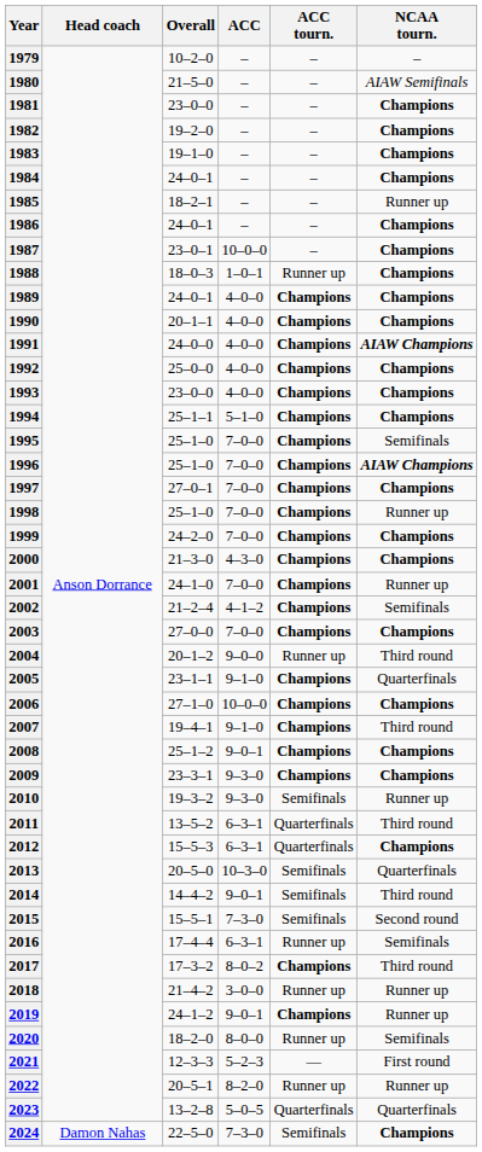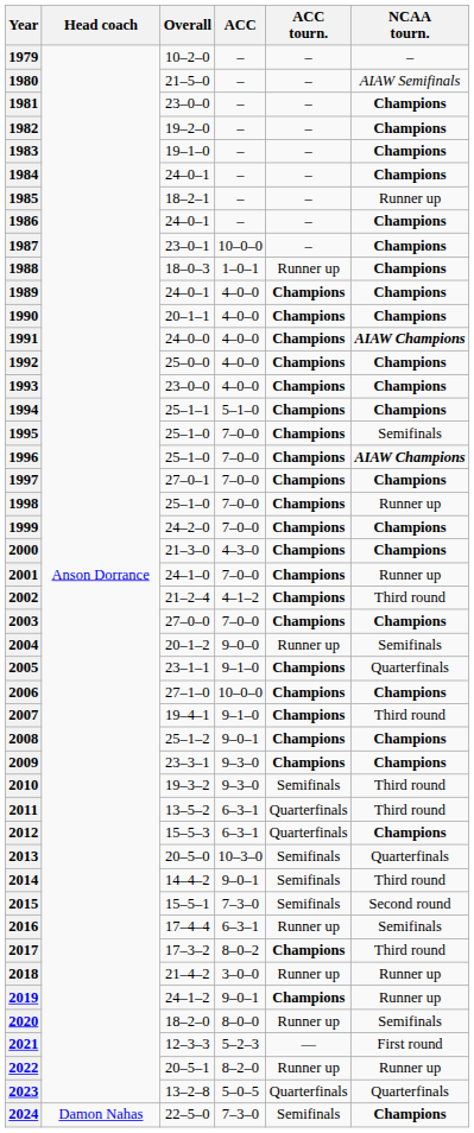 <table class="wikitable" style="text-align: center;">
 <tr>
 <th width=px>Year</th>
 <th width=px>Head coach</th>
 <th width=px>Overall</th>
 <th width=px>ACC</th>
 <th width=px>ACC<br>tourn.</th>
 <th width=px>NCAA<br>tourn.</th>
 </tr>
 <tr>
 <th>1979</th>
 <td rowspan="45">  <a href='#'>Anson Dorrance</a>  </td>
 <td>10–2–0</td>
 <td>–</td>
 <td>–</td>
 <td>–</td>
 </tr>
 <tr>
 <th>1980</th>
 <td>21–5–0</td>
 <td>–</td>
 <td>–</td>
 <td><em>AIAW Semifinals</em></td>
 </tr>
 <tr>
 <th>1981</th>
 <td>23–0–0</td>
 <td>–</td>
 <td>–</td>
 <td><strong>Champions</strong></td>
 </tr>
 <tr>
 <th>1982</th>
 <td>19–2–0</td>
 <td>–</td>
 <td>–</td>
 <td><strong>Champions</strong></td>
 </tr>
 <tr>
 <th>1983</th>
 <td>19–1–0</td>
 <td>–</td>
 <td>–</td>
 <td><strong>Champions</strong></td>
 </tr>
 <tr>
 <th>1984</th>
 <td>24–0–1</td>
 <td>–</td>
 <td>–</td>
 <td><strong>Champions</strong></td>
 </tr>
 <tr>
 <th>1985</th>
 <td>18–2–1</td>
 <td>–</td>
 <td>–</td>
 <td>Runner up</td>
 </tr>
 <tr>
 <th>1986</th>
 <td>24–0–1</td>
 <td>–</td>
 <td>–</td>
 <td><strong>Champions</strong></td>
 </tr>
 <tr>
 <th>1987</th>
 <td>23–0–1</td>
 <td>10–0–0</td>
 <td>–</td>
 <td><strong>Champions</strong></td>
 </tr>
 <tr>
 <th>1988</th>
 <td>18–0–3</td>
 <td>1–0–1</td>
 <td>Runner up</td>
 <td><strong>Champions</strong></td>
 </tr>
 <tr>
 <th>1989</th>
 <td>24–0–1</td>
 <td>4–0–0</td>
 <td><strong>Champions</strong></td>
 <td><strong>Champions</strong></td>
 </tr>
 <tr>
 <th>1990</th>
 <td>20–1–1</td>
 <td>4–0–0</td>
 <td><strong>Champions</strong></td>
 <td><strong>Champions</strong></td>
 </tr>
 <tr>
 <th>1991</th>
 <td>24–0–0</td>
 <td>4–0–0</td>
 <td><strong>Champions</strong></td>
 <td><strong><em>AIAW Champions</em></strong></td>
 </tr>
 <tr>
 <th>1992</th>
 <td>25–0–0</td>
 <td>4–0–0</td>
 <td><strong>Champions</strong></td>
 <td><strong>Champions</strong></td>
 </tr>
 <tr>
 <th>1993</th>
 <td>23–0–0</td>
 <td>4–0–0</td>
 <td><strong>Champions</strong></td>
 <td><strong>Champions</strong></td>
 </tr>
 <tr>
 <th>1994</th>
 <td>25–1–1</td>
 <td>5–1–0</td>
 <td><strong>Champions</strong></td>
 <td><strong>Champions</strong></td>
 </tr>
 <tr>
 <th>1995</th>
 <td>25–1–0</td>
 <td>7–0–0</td>
 <td><strong>Champions</strong></td>
 <td>Semifinals</td>
 </tr>
 <tr>
 <th>1996</th>
 <td>25–1–0</td>
 <td>7–0–0</td>
 <td><strong>Champions</strong></td>
 <td><strong><em>AIAW Champions</em></strong></td>
 </tr>
 <tr>
 <th>1997</th>
 <td>27–0–1</td>
 <td>7–0–0</td>
 <td><strong>Champions</strong></td>
 <td><strong>Champions</strong></td>
 </tr>
 <tr>
 <th>1998</th>
 <td>25–1–0</td>
 <td>7–0–0</td>
 <td><strong>Champions</strong></td>
 <td>Runner up</td>
 </tr>
 <tr>
 <th>1999</th>
 <td>24–2–0</td>
 <td>7–0–0</td>
 <td><strong>Champions</strong></td>
 <td><strong>Champions</strong></td>
 </tr>
 <tr>
 <th>2000</th>
 <td>21–3–0</td>
 <td>4–3–0</td>
 <td><strong>Champions</strong></td>
 <td><strong>Champions</strong></td>
 </tr>
 <tr>
 <th>2001</th>
 <td>24–1–0</td>
 <td>7–0–0</td>
 <td><strong>Champions</strong></td>
 <td>Runner up</td>
 </tr>
 <tr>
 <th>2002</th>
 <td>21–2–4</td>
 <td>4–1–2</td>
 <td><strong>Champions</strong></td>
-<td>Semifinals</td>
+<td>Third round</td>
 </tr>
 <tr>
 <th>2003</th>
 <td>27–0–0</td>
 <td>7–0–0</td>
 <td><strong>Champions</strong></td>
 <td><strong>Champions</strong></td>
 </tr>
 <tr>
 <th>2004</th>
 <td>20–1–2</td>
 <td>9–0–0</td>
 <td>Runner up</td>
-<td>Third round</td>
+<td>Semifinals</td>
 </tr>
 <tr>
 <th>2005</th>
 <td>23–1–1</td>
 <td>9–1–0</td>
 <td><strong>Champions</strong></td>
 <td>Quarterfinals</td>
 </tr>
 <tr>
 <th>2006</th>
 <td>27–1–0</td>
 <td>10–0–0</td>
 <td><strong>Champions</strong></td>
 <td><strong>Champions</strong></td>
 </tr>
 <tr>
 <th>2007</th>
 <td>19–4–1</td>
 <td>9–1–0</td>
 <td><strong>Champions</strong></td>
 <td>Third round</td>
 </tr>
 <tr>
 <th>2008</th>
 <td>25–1–2</td>
 <td>9–0–1</td>
 <td><strong>Champions</strong></td>
 <td><strong>Champions</strong></td>
 </tr>
 <tr>
 <th>2009</th>
 <td>23–3–1</td>
 <td>9–3–0</td>
 <td><strong>Champions</strong></td>
 <td><strong>Champions</strong></td>
 </tr>
 <tr>
 <th>2010</th>
 <td>19–3–2</td>
 <td>9–3–0</td>
 <td>Semifinals</td>
-<td>Runner up</td>
+<td>Third round</td>
 </tr>
 <tr>
 <th>2011</th>
 <td>13–5–2</td>
 <td>6–3–1</td>
 <td>Quarterfinals</td>
 <td>Third round</td>
 </tr>
 <tr>
 <th>2012</th>
 <td>15–5–3</td>
 <td>6–3–1</td>
 <td>Quarterfinals</td>
 <td><strong>Champions</strong></td>
 </tr>
 <tr>
 <th>2013</th>
 <td>20–5–0</td>
 <td>10–3–0</td>
 <td>Semifinals</td>
 <td>Quarterfinals</td>
 </tr>
 <tr>
 <th>2014</th>
 <td>14–4–2</td>
 <td>9–0–1</td>
 <td>Semifinals</td>
 <td>Third round</td>
 </tr>
 <tr>
 <th>2015</th>
 <td>15–5–1</td>
 <td>7–3–0</td>
 <td>Semifinals</td>
 <td>Second round</td>
 </tr>
 <tr>
 <th>2016</th>
 <td>17–4–4</td>
 <td>6–3–1</td>
 <td>Runner up</td>
 <td>Semifinals</td>
 </tr>
 <tr>
 <th>2017</th>
 <td>17–3–2</td>
 <td>8–0–2</td>
 <td><strong>Champions</strong></td>
 <td>Third round</td>
 </tr>
 <tr>
 <th>2018</th>
 <td>21–4–2</td>
 <td>3–0–0</td>
 <td>Runner up</td>
 <td>Runner up</td>
 </tr>
 <tr>
 <th><a href='#'>2019</a></th>
 <td>24–1–2</td>
 <td>9–0–1</td>
 <td><strong>Champions</strong></td>
 <td>Runner up</td>
 </tr>
 <tr>
 <th><a href='#'>2020</a></th>
 <td>18–2–0</td>
 <td>8–0–0</td>
 <td>Runner up</td>
 <td>Semifinals</td>
 </tr>
 <tr>
 <th><a href='#'>2021</a></th>
 <td>12–3–3</td>
 <td>5–2–3</td>
 <td>—</td>
 <td>First round</td>
 </tr>
 <tr>
 <th><a href='#'>2022</a></th>
 <td>20–5–1</td>
 <td>8–2–0</td>
 <td>Runner up</td>
 <td>Runner up</td>
 </tr>
 <tr>
 <th><a href='#'>2023</a></th>
 <td>13–2–8</td>
 <td>5–0–5</td>
 <td>Quarterfinals</td>
 <td>Quarterfinals</td>
 </tr>
 <tr>
 <th><a href='#'>2024</a></th>
 <td><a href='#'>Damon Nahas</a></td>
 <td>22–5–0</td>
 <td>7–3–0</td>
 <td>Semifinals</td>
 <td><strong>Champions</strong></td>
 </tr>
 </table>
